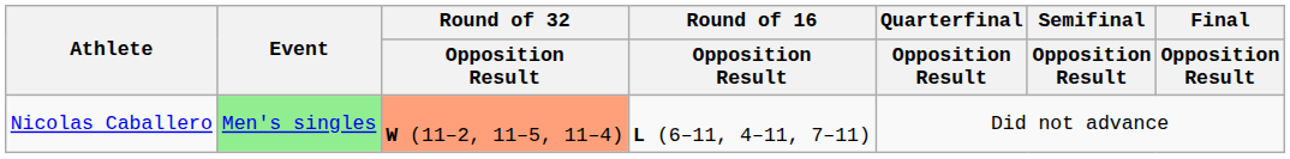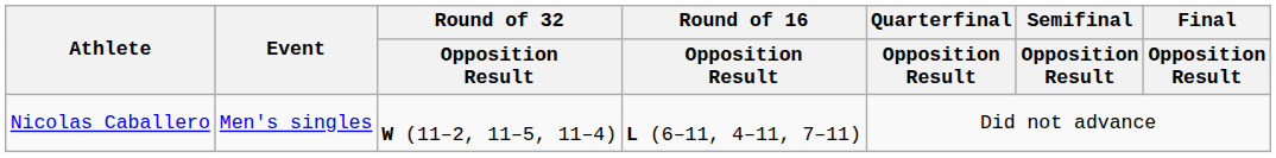 <table class="wikitable" border="1" style="font-size:90%">
 <tr>
 <th rowspan=2>Athlete</th>
 <th rowspan=2>Event</th>
 <th>Round of 32</th>
 <th>Round of 16</th>
 <th>Quarterfinal</th>
 <th>Semifinal</th>
 <th>Final</th>
 </tr>
 <tr>
 <th>Opposition<br>Result</th>
 <th>Opposition<br>Result</th>
 <th>Opposition<br>Result</th>
 <th>Opposition<br>Result</th>
 <th>Opposition<br>Result</th>
 </tr>
 <tr>
 <td><a href='#'>Nicolas Caballero</a></td>
-<td style="background: lightgreen;"><a href='#'>Men's singles</a></td>
-<td align=center style="background: lightsalmon;"> <br> <strong>W</strong> (11–2, 11–5, 11–4)</td>
+<td><a href='#'>Men's singles</a></td>
+<td align=center> <br> <strong>W</strong> (11–2, 11–5, 11–4)</td>
 <td align=center> <br> <strong>L</strong> (6–11, 4–11, 7–11)</td>
 <td align=center colspan="3">Did not advance</td>
 </tr>
 </table>
